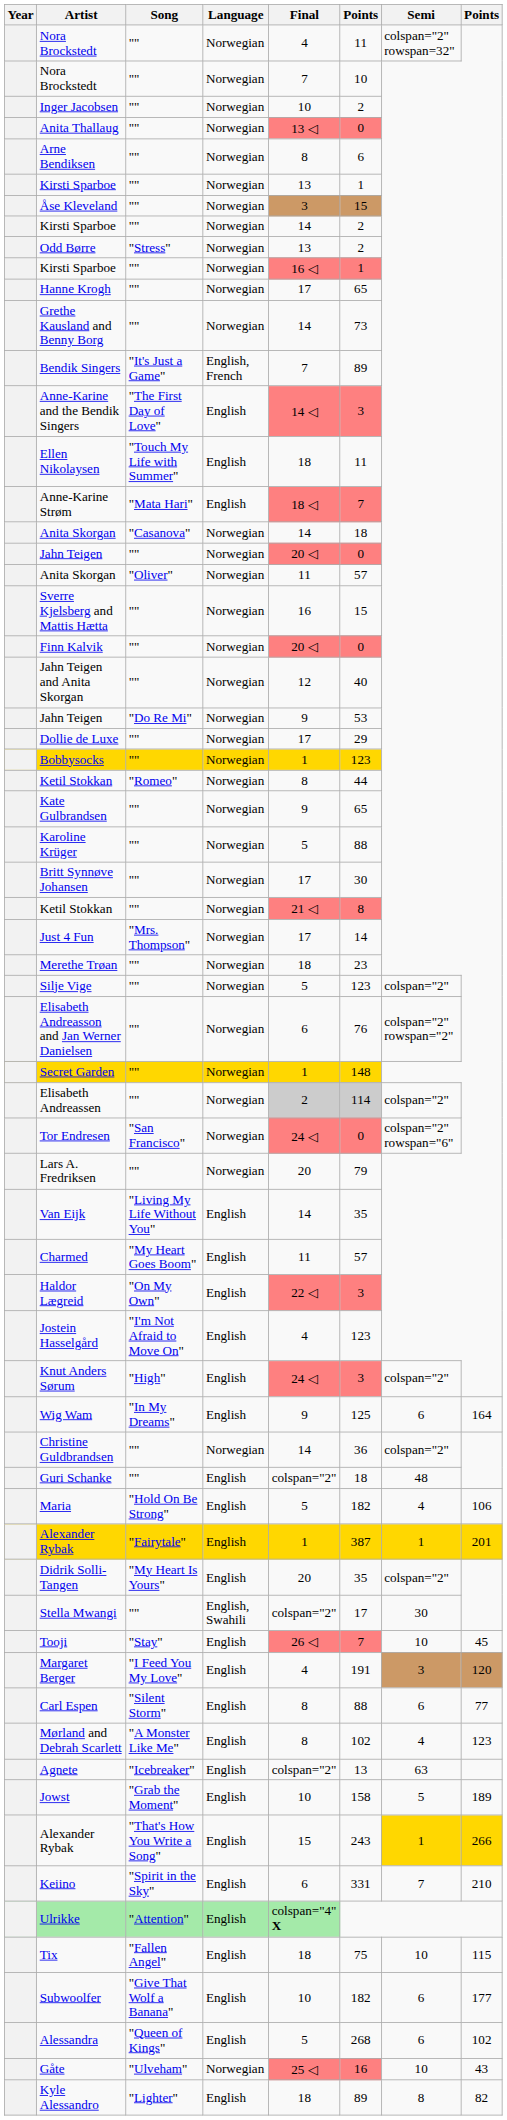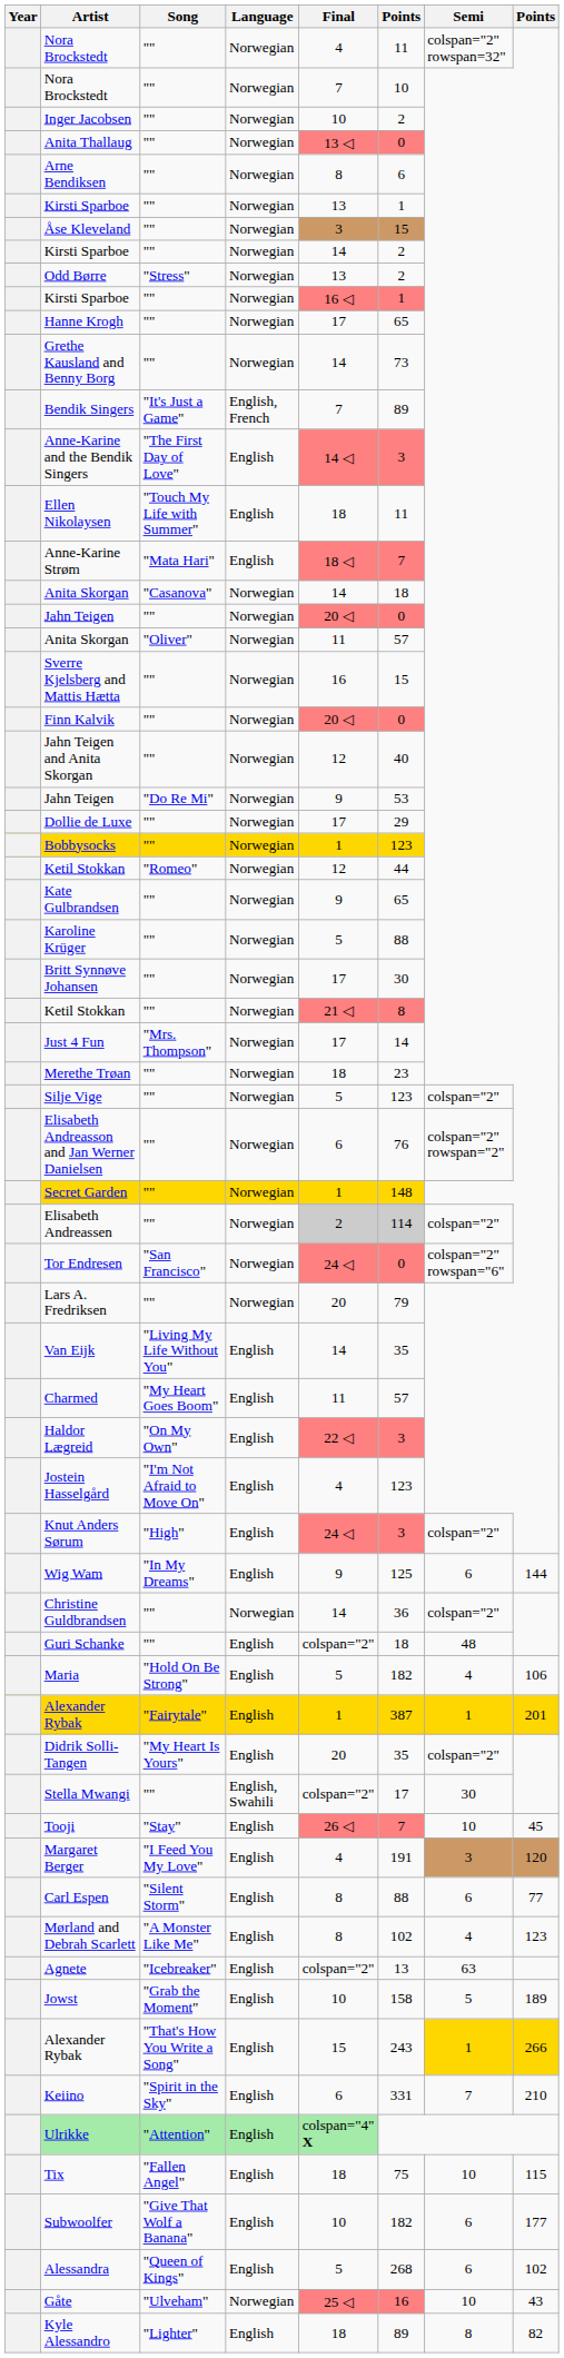 <table class="wikitable sortable plainrowheaders">
 <tr>
 <th scope="col">Year</th>
 <th scope="col">Artist</th>
 <th scope="col">Song</th>
 <th scope="col">Language</th>
 <th scope="col" data-sort-type="number">Final</th>
 <th scope="col" data-sort-type="number">Points</th>
 <th scope="col" data-sort-type="number">Semi</th>
 <th scope="col" data-sort-type="number">Points</th>
 </tr>
 <tr>
 <th scope="row" style="text-align:center;"></th>
 <td><a href='#'>Nora Brockstedt</a></td>
 <td>""</td>
 <td>Norwegian</td>
 <td style="text-align:center;">4</td>
 <td style="text-align:center;">11</td>
 <td>colspan="2" rowspan=32" </td>
 </tr>
 <tr>
 <th scope="row" style="text-align:center;"></th>
 <td>Nora Brockstedt</td>
 <td>""</td>
 <td>Norwegian</td>
 <td style="text-align:center;">7</td>
 <td style="text-align:center;">10</td>
 </tr>
 <tr>
 <th scope="row" style="text-align:center;"></th>
 <td><a href='#'>Inger Jacobsen</a></td>
 <td>""</td>
 <td>Norwegian</td>
 <td style="text-align:center;">10</td>
 <td style="text-align:center;">2</td>
 </tr>
 <tr>
 <th scope="row" style="text-align:center;"></th>
 <td><a href='#'>Anita Thallaug</a></td>
 <td>""</td>
 <td>Norwegian</td>
 <td style="text-align:center; background-color:#FE8080;">13 ◁</td>
 <td style="text-align:center; background-color:#FE8080;">0</td>
 </tr>
 <tr>
 <th scope="row" style="text-align:center;"></th>
 <td><a href='#'>Arne Bendiksen</a></td>
 <td>""</td>
 <td>Norwegian</td>
 <td style="text-align:center;">8</td>
 <td style="text-align:center;">6</td>
 </tr>
 <tr>
 <th scope="row" style="text-align:center;"></th>
 <td><a href='#'>Kirsti Sparboe</a></td>
 <td>""</td>
 <td>Norwegian</td>
 <td style="text-align:center;">13</td>
 <td style="text-align:center;">1</td>
 </tr>
 <tr>
 <th scope="row" style="text-align:center;"></th>
 <td><a href='#'>Åse Kleveland</a></td>
 <td>""</td>
 <td>Norwegian</td>
 <td style="text-align:center; background-color:#C96;">3</td>
 <td style="text-align:center; background-color:#C96;">15</td>
 </tr>
 <tr>
 <th scope="row" style="text-align:center;"></th>
 <td>Kirsti Sparboe</td>
 <td>""</td>
 <td>Norwegian</td>
 <td style="text-align:center;">14</td>
 <td style="text-align:center;">2</td>
 </tr>
 <tr>
 <th scope="row" style="text-align:center;"></th>
 <td><a href='#'>Odd Børre</a></td>
 <td>"<a href='#'>Stress</a>"</td>
 <td>Norwegian</td>
 <td style="text-align:center;">13</td>
 <td style="text-align:center;">2</td>
 </tr>
 <tr>
 <th scope="row" style="text-align:center;"></th>
 <td>Kirsti Sparboe</td>
 <td>""</td>
 <td>Norwegian</td>
 <td style="text-align:center; background-color:#FE8080;">16 ◁</td>
 <td style="text-align:center; background-color:#FE8080;">1</td>
 </tr>
 <tr>
 <th scope="row" style="text-align:center;"></th>
 <td><a href='#'>Hanne Krogh</a></td>
 <td>""</td>
 <td>Norwegian</td>
 <td style="text-align:center;">17</td>
 <td style="text-align:center;">65</td>
 </tr>
 <tr>
 <th scope="row" style="text-align:center;"></th>
 <td><a href='#'>Grethe Kausland</a> and <a href='#'>Benny Borg</a></td>
 <td>""</td>
 <td>Norwegian</td>
 <td style="text-align:center;">14</td>
 <td style="text-align:center;">73</td>
 </tr>
 <tr>
 <th scope="row" style="text-align:center;"></th>
 <td><a href='#'>Bendik Singers</a></td>
 <td>"<a href='#'>It's Just a Game</a>"</td>
 <td>English, French</td>
 <td style="text-align:center;">7</td>
 <td style="text-align:center;">89</td>
 </tr>
 <tr>
 <th scope="row" style="text-align:center;"></th>
 <td><a href='#'>Anne-Karine</a> and the Bendik Singers</td>
 <td>"<a href='#'>The First Day of Love</a>"</td>
 <td>English</td>
 <td style="text-align:center; background-color:#FE8080;">14 ◁</td>
 <td style="text-align:center; background-color:#FE8080;">3</td>
 </tr>
 <tr>
 <th scope="row" style="text-align:center;"></th>
 <td><a href='#'>Ellen Nikolaysen</a></td>
 <td>"<a href='#'>Touch My Life with Summer</a>"</td>
 <td>English</td>
 <td style="text-align:center;">18</td>
 <td style="text-align:center;">11</td>
 </tr>
 <tr>
 <th scope="row" style="text-align:center;"></th>
 <td>Anne-Karine Strøm</td>
 <td>"<a href='#'>Mata Hari</a>"</td>
 <td>English</td>
 <td style="text-align:center; background-color:#FE8080;">18 ◁</td>
 <td style="text-align:center; background-color:#FE8080;">7</td>
 </tr>
 <tr>
 <th scope="row" style="text-align:center;"></th>
 <td><a href='#'>Anita Skorgan</a></td>
 <td>"<a href='#'>Casanova</a>"</td>
 <td>Norwegian</td>
 <td style="text-align:center;">14</td>
 <td style="text-align:center;">18</td>
 </tr>
 <tr>
 <th scope="row" style="text-align:center;"></th>
 <td><a href='#'>Jahn Teigen</a></td>
 <td>""</td>
 <td>Norwegian</td>
 <td style="text-align:center; background-color:#FE8080;">20 ◁</td>
 <td style="text-align:center; background-color:#FE8080;">0</td>
 </tr>
 <tr>
 <th scope="row" style="text-align:center;"></th>
 <td>Anita Skorgan</td>
 <td>"<a href='#'>Oliver</a>"</td>
 <td>Norwegian</td>
 <td style="text-align:center;">11</td>
 <td style="text-align:center;">57</td>
 </tr>
 <tr>
 <th scope="row" style="text-align:center;"></th>
 <td><a href='#'>Sverre Kjelsberg</a> and <a href='#'>Mattis Hætta</a></td>
 <td>""</td>
 <td>Norwegian</td>
 <td style="text-align:center;">16</td>
 <td style="text-align:center;">15</td>
 </tr>
 <tr>
 <th scope="row" style="text-align:center;"></th>
 <td><a href='#'>Finn Kalvik</a></td>
 <td>""</td>
 <td>Norwegian</td>
 <td style="text-align:center; background-color:#FE8080;">20 ◁</td>
 <td style="text-align:center; background-color:#FE8080;">0</td>
 </tr>
 <tr>
 <th scope="row" style="text-align:center;"></th>
 <td>Jahn Teigen and Anita Skorgan</td>
 <td>""</td>
 <td>Norwegian</td>
 <td style="text-align:center;">12</td>
 <td style="text-align:center;">40</td>
 </tr>
 <tr>
 <th scope="row" style="text-align:center;"></th>
 <td>Jahn Teigen</td>
 <td>"<a href='#'>Do Re Mi</a>"</td>
 <td>Norwegian</td>
 <td style="text-align:center;">9</td>
 <td style="text-align:center;">53</td>
 </tr>
 <tr>
 <th scope="row" style="text-align:center;"></th>
 <td><a href='#'>Dollie de Luxe</a></td>
 <td>""</td>
 <td>Norwegian</td>
 <td style="text-align:center;">17</td>
 <td style="text-align:center;">29</td>
 </tr>
 <tr style="background-color:#FFD700;">
 <th scope="row" style="text-align:center;"></th>
 <td><a href='#'>Bobbysocks</a></td>
 <td>""</td>
 <td>Norwegian</td>
 <td style="text-align:center;">1</td>
 <td style="text-align:center;">123</td>
 </tr>
 <tr>
 <th scope="row" style="text-align:center;"></th>
 <td><a href='#'>Ketil Stokkan</a></td>
 <td>"<a href='#'>Romeo</a>"</td>
 <td>Norwegian</td>
-<td style="text-align:center;">8</td>
+<td style="text-align:center;">12</td>
 <td style="text-align:center;">44</td>
 </tr>
 <tr>
 <th scope="row" style="text-align:center;"></th>
 <td><a href='#'>Kate Gulbrandsen</a></td>
 <td>""</td>
 <td>Norwegian</td>
 <td style="text-align:center;">9</td>
 <td style="text-align:center;">65</td>
 </tr>
 <tr>
 <th scope="row" style="text-align:center;"></th>
 <td><a href='#'>Karoline Krüger</a></td>
 <td>""</td>
 <td>Norwegian</td>
 <td style="text-align:center;">5</td>
 <td style="text-align:center;">88</td>
 </tr>
 <tr>
 <th scope="row" style="text-align:center;"></th>
 <td><a href='#'>Britt Synnøve Johansen</a></td>
 <td>""</td>
 <td>Norwegian</td>
 <td style="text-align:center;">17</td>
 <td style="text-align:center;">30</td>
 </tr>
 <tr>
 <th scope="row" style="text-align:center;"></th>
 <td>Ketil Stokkan</td>
 <td>""</td>
 <td>Norwegian</td>
 <td style="text-align:center; background-color:#FE8080;">21 ◁</td>
 <td style="text-align:center; background-color:#FE8080;">8</td>
 </tr>
 <tr>
 <th scope="row" style="text-align:center;"></th>
 <td><a href='#'>Just 4 Fun</a></td>
 <td>"<a href='#'>Mrs. Thompson</a>"</td>
 <td>Norwegian</td>
 <td style="text-align:center;">17</td>
 <td style="text-align:center;">14</td>
 </tr>
 <tr>
 <th scope="row" style="text-align:center;"></th>
 <td><a href='#'>Merethe Trøan</a></td>
 <td>""</td>
 <td>Norwegian</td>
 <td style="text-align:center;">18</td>
 <td style="text-align:center;">23</td>
 </tr>
 <tr>
 <th scope="row" style="text-align:center;"></th>
 <td><a href='#'>Silje Vige</a></td>
 <td>""</td>
 <td>Norwegian</td>
 <td style="text-align:center;">5</td>
 <td style="text-align:center;">123</td>
 <td>colspan="2" </td>
 </tr>
 <tr>
 <th scope="row" style="text-align:center;"></th>
 <td><a href='#'>Elisabeth Andreasson</a> and <a href='#'>Jan Werner Danielsen</a></td>
 <td>""</td>
 <td>Norwegian</td>
 <td style="text-align:center;">6</td>
 <td style="text-align:center;">76</td>
 <td>colspan="2" rowspan="2" </td>
 </tr>
 <tr style="background-color:#FFD700;">
 <th scope="row" style="text-align:center;"></th>
 <td><a href='#'>Secret Garden</a></td>
 <td>""</td>
 <td>Norwegian</td>
 <td style="text-align:center;">1</td>
 <td style="text-align:center;">148</td>
 </tr>
 <tr>
 <th scope="row" style="text-align:center;"></th>
 <td>Elisabeth Andreassen</td>
 <td>""</td>
 <td>Norwegian</td>
 <td style="text-align:center; background-color:#CCC;">2</td>
 <td style="text-align:center; background-color:#CCC;">114</td>
 <td>colspan="2" </td>
 </tr>
 <tr>
 <th scope="row" style="text-align:center;"></th>
 <td><a href='#'>Tor Endresen</a></td>
 <td>"<a href='#'>San Francisco</a>"</td>
 <td>Norwegian</td>
 <td style="text-align:center; background-color:#FE8080;">24 ◁</td>
 <td style="text-align:center; background-color:#FE8080;">0</td>
 <td>colspan="2" rowspan="6" </td>
 </tr>
 <tr>
 <th scope="row" style="text-align:center;"></th>
 <td>Lars A. Fredriksen</td>
 <td>""</td>
 <td>Norwegian</td>
 <td style="text-align:center;">20</td>
 <td style="text-align:center;">79</td>
 </tr>
 <tr>
 <th scope="row" style="text-align:center;"></th>
 <td><a href='#'>Van Eijk</a></td>
 <td>"<a href='#'>Living My Life Without You</a>"</td>
 <td>English</td>
 <td style="text-align:center;">14</td>
 <td style="text-align:center;">35</td>
 </tr>
 <tr>
 <th scope="row" style="text-align:center;"></th>
 <td><a href='#'>Charmed</a></td>
 <td>"<a href='#'>My Heart Goes Boom</a>"</td>
 <td>English</td>
 <td style="text-align:center;">11</td>
 <td style="text-align:center;">57</td>
 </tr>
 <tr>
 <th scope="row" style="text-align:center;"></th>
 <td><a href='#'>Haldor Lægreid</a></td>
 <td>"<a href='#'>On My Own</a>"</td>
 <td>English</td>
 <td style="text-align:center; background-color:#FE8080;">22 ◁</td>
 <td style="text-align:center; background-color:#FE8080;">3</td>
 </tr>
 <tr>
 <th scope="row" style="text-align:center;"></th>
 <td><a href='#'>Jostein Hasselgård</a></td>
 <td>"<a href='#'>I'm Not Afraid to Move On</a>"</td>
 <td>English</td>
 <td style="text-align:center;">4</td>
 <td style="text-align:center;">123</td>
 </tr>
 <tr>
 <th scope="row" style="text-align:center;"></th>
 <td><a href='#'>Knut Anders Sørum</a></td>
 <td>"<a href='#'>High</a>"</td>
 <td>English</td>
 <td style="text-align:center; background-color:#FE8080;">24 ◁</td>
 <td style="text-align:center; background-color:#FE8080;">3</td>
 <td>colspan="2" </td>
 </tr>
 <tr>
 <th scope="row" style="text-align:center;"></th>
 <td><a href='#'>Wig Wam</a></td>
 <td>"<a href='#'>In My Dreams</a>"</td>
 <td>English</td>
 <td style="text-align:center;">9</td>
 <td style="text-align:center;">125</td>
 <td style="text-align:center;">6</td>
-<td style="text-align:center;">164</td>
+<td style="text-align:center;">144</td>
 </tr>
 <tr>
 <th scope="row" style="text-align:center;"></th>
 <td><a href='#'>Christine Guldbrandsen</a></td>
 <td>""</td>
 <td>Norwegian</td>
 <td style="text-align:center;">14</td>
 <td style="text-align:center;">36</td>
 <td>colspan="2" </td>
 </tr>
 <tr>
 <th scope="row" style="text-align:center;"></th>
 <td><a href='#'>Guri Schanke</a></td>
 <td>""</td>
 <td>English</td>
 <td>colspan="2" </td>
 <td style="text-align:center;">18</td>
 <td style="text-align:center;">48</td>
 </tr>
 <tr>
 <th scope="row" style="text-align:center;"></th>
 <td><a href='#'>Maria</a></td>
 <td>"<a href='#'>Hold On Be Strong</a>"</td>
 <td>English</td>
 <td style="text-align:center;">5</td>
 <td style="text-align:center;">182</td>
 <td style="text-align:center;">4</td>
 <td style="text-align:center;">106</td>
 </tr>
 <tr style="background-color:#FFD700;">
 <th scope="row" style="text-align:center;"></th>
 <td><a href='#'>Alexander Rybak</a></td>
 <td>"<a href='#'>Fairytale</a>"</td>
 <td>English</td>
 <td style="text-align:center;">1</td>
 <td style="text-align:center;">387</td>
 <td style="text-align:center;">1</td>
 <td style="text-align:center;">201</td>
 </tr>
 <tr>
 <th scope="row" style="text-align:center;"></th>
 <td><a href='#'>Didrik Solli-Tangen</a></td>
 <td>"<a href='#'>My Heart Is Yours</a>"</td>
 <td>English</td>
 <td style="text-align:center;">20</td>
 <td style="text-align:center;">35</td>
 <td>colspan="2" </td>
 </tr>
 <tr>
 <th scope="row" style="text-align:center;"></th>
 <td><a href='#'>Stella Mwangi</a></td>
 <td>""</td>
 <td>English, Swahili</td>
 <td>colspan="2" </td>
 <td style="text-align:center;">17</td>
 <td style="text-align:center;">30</td>
 </tr>
 <tr>
 <th scope="row" style="text-align:center;"></th>
 <td><a href='#'>Tooji</a></td>
 <td>"<a href='#'>Stay</a>"</td>
 <td>English</td>
 <td style="text-align:center; background-color:#FE8080;">26 ◁</td>
 <td style="text-align:center; background-color:#FE8080;">7</td>
 <td style="text-align:center;">10</td>
 <td style="text-align:center;">45</td>
 </tr>
 <tr>
 <th scope="row" style="text-align:center;"></th>
 <td><a href='#'>Margaret Berger</a></td>
 <td>"<a href='#'>I Feed You My Love</a>"</td>
 <td>English</td>
 <td style="text-align:center;">4</td>
 <td style="text-align:center;">191</td>
 <td style="text-align:center; background-color:#C96;">3</td>
 <td style="text-align:center; background-color:#C96;">120</td>
 </tr>
 <tr>
 <th scope="row" style="text-align:center;"></th>
 <td><a href='#'>Carl Espen</a></td>
 <td>"<a href='#'>Silent Storm</a>"</td>
 <td>English</td>
 <td style="text-align:center;">8</td>
 <td style="text-align:center;">88</td>
 <td style="text-align:center;">6</td>
 <td style="text-align:center;">77</td>
 </tr>
 <tr>
 <th scope="row" style="text-align:center;"></th>
 <td><a href='#'>Mørland</a> and <a href='#'>Debrah Scarlett</a></td>
 <td>"<a href='#'>A Monster Like Me</a>"</td>
 <td>English</td>
 <td style="text-align:center;">8</td>
 <td style="text-align:center;">102</td>
 <td style="text-align:center;">4</td>
 <td style="text-align:center;">123</td>
 </tr>
 <tr>
 <th scope="row" style="text-align:center;"></th>
 <td><a href='#'>Agnete</a></td>
 <td>"<a href='#'>Icebreaker</a>"</td>
 <td>English</td>
 <td>colspan="2" </td>
 <td style="text-align:center;">13</td>
 <td style="text-align:center;">63</td>
 </tr>
 <tr>
 <th scope="row" style="text-align:center;"></th>
 <td><a href='#'>Jowst</a></td>
 <td>"<a href='#'>Grab the Moment</a>"</td>
 <td>English</td>
 <td style="text-align:center;">10</td>
 <td style="text-align:center;">158</td>
 <td style="text-align:center;">5</td>
 <td style="text-align:center;">189</td>
 </tr>
 <tr>
 <th scope="row" style="text-align:center;"></th>
 <td>Alexander Rybak</td>
 <td>"<a href='#'>That's How You Write a Song</a>"</td>
 <td>English</td>
 <td style="text-align:center;">15</td>
 <td style="text-align:center;">243</td>
 <td style="text-align:center; background-color:#FFD700;">1</td>
 <td style="text-align:center; background-color:#FFD700;">266</td>
 </tr>
 <tr>
 <th scope="row" style="text-align:center;"></th>
 <td><a href='#'>Keiino</a></td>
 <td>"<a href='#'>Spirit in the Sky</a>"</td>
 <td>English</td>
 <td style="text-align:center;">6</td>
 <td style="text-align:center;">331</td>
 <td style="text-align:center;">7</td>
 <td style="text-align:center;">210</td>
 </tr>
 <tr style="background-color:#A4EAA9;">
 <th scope="row" style="text-align:center;"></th>
 <td><a href='#'>Ulrikke</a></td>
 <td>"<a href='#'>Attention</a>"</td>
 <td>English</td>
 <td>colspan="4"  <strong>X</strong></td>
 </tr>
 <tr>
 <th scope="row" style="text-align:center;"></th>
 <td><a href='#'>Tix</a></td>
 <td>"<a href='#'>Fallen Angel</a>"</td>
 <td>English</td>
 <td style="text-align:center;">18</td>
 <td style="text-align:center;">75</td>
 <td style="text-align:center;">10</td>
 <td style="text-align:center;">115</td>
 </tr>
 <tr>
 <th scope="row" style="text-align:center;"></th>
 <td><a href='#'>Subwoolfer</a></td>
 <td>"<a href='#'>Give That Wolf a Banana</a>"</td>
 <td>English</td>
 <td style="text-align:center;">10</td>
 <td style="text-align:center;">182</td>
 <td style="text-align:center;">6</td>
 <td style="text-align:center;">177</td>
 </tr>
 <tr>
 <th scope="row" style="text-align:center;"></th>
 <td><a href='#'>Alessandra</a></td>
 <td>"<a href='#'>Queen of Kings</a>"</td>
 <td>English</td>
 <td style="text-align:center;">5</td>
 <td style="text-align:center;">268</td>
 <td style="text-align:center;">6</td>
 <td style="text-align:center;">102</td>
 </tr>
 <tr>
 <th scope="row" style="text-align:center;"></th>
 <td><a href='#'>Gåte</a></td>
 <td>"<a href='#'>Ulveham</a>"</td>
 <td>Norwegian</td>
 <td style="text-align:center; background-color:#FE8080;">25 ◁</td>
 <td style="text-align:center; background-color:#FE8080;">16</td>
 <td style="text-align:center;">10</td>
 <td style="text-align:center;">43</td>
 </tr>
 <tr>
 <th scope="row" style="text-align:center;"></th>
 <td><a href='#'>Kyle Alessandro</a></td>
 <td>"<a href='#'>Lighter</a>"</td>
 <td>English</td>
 <td style="text-align:center;">18</td>
 <td style="text-align:center;">89</td>
 <td style="text-align:center;">8</td>
 <td style="text-align:center;">82</td>
 </tr>
 </table>
